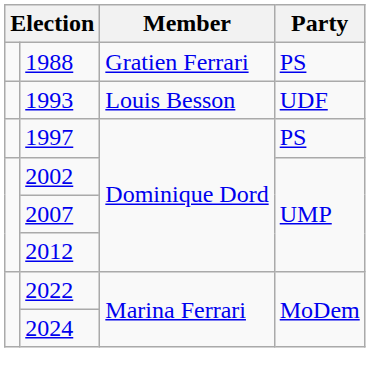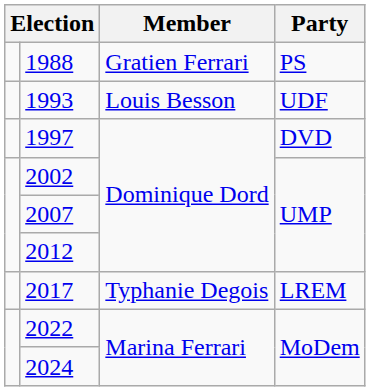 <table class="wikitable">
 <tr>
 <th colspan=2>Election</th>
 <th>Member</th>
 <th>Party</th>
 </tr>
 <tr>
 <td style="background-color: "></td>
 <td><a href='#'>1988</a></td>
 <td><a href='#'>Gratien Ferrari</a></td>
 <td><a href='#'>PS</a></td>
 </tr>
 <tr>
 <td style="background-color: "></td>
 <td><a href='#'>1993</a></td>
 <td><a href='#'>Louis Besson</a></td>
 <td><a href='#'>UDF</a></td>
 </tr>
 <tr>
 <td style="background-color: "></td>
 <td><a href='#'>1997</a></td>
 <td rowspan="4"><a href='#'>Dominique Dord</a></td>
-<td><a href='#'>PS</a></td>
+<td><a href='#'>DVD</a></td>
 </tr>
 <tr>
 <td rowspan="3" style="background-color: "></td>
 <td><a href='#'>2002</a></td>
 <td rowspan="3"><a href='#'>UMP</a></td>
 </tr>
 <tr>
 <td><a href='#'>2007</a></td>
 </tr>
 <tr>
 <td><a href='#'>2012</a></td>
 </tr>
 <tr>
+<td style="background-color: "></td>
+<td><a href='#'>2017</a></td>
+<td><a href='#'>Typhanie Degois</a></td>
+<td><a href='#'>LREM</a></td>
+</tr>
+<tr>
 <td rowspan="2" style="background-color: "></td>
 <td><a href='#'>2022</a></td>
 <td rowspan="2"><a href='#'>Marina Ferrari</a></td>
 <td rowspan="2"><a href='#'>MoDem</a></td>
 </tr>
 <tr>
 <td><a href='#'>2024</a></td>
 </tr>
 </table>
